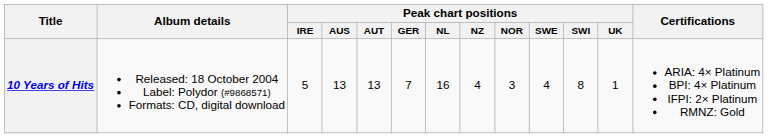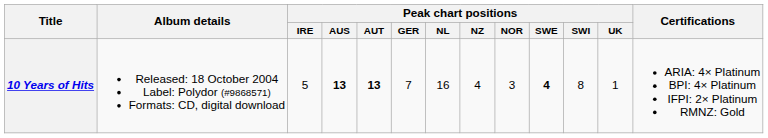 <table class="wikitable plainrowheaders" style=text-align:center;>
 <tr>
 <th scope="col" rowspan="2">Title</th>
 <th scope="col" rowspan="2">Album details</th>
 <th scope="col" colspan="10">Peak chart positions</th>
 <th scope="col" rowspan="2">Certifications</th>
 </tr>
 <tr>
 <th style="width:3em;font-size:85%">IRE<br></th>
 <th style="width:3em;font-size:85%">AUS<br></th>
 <th style="width:3em;font-size:85%">AUT<br></th>
 <th style="width:3em;font-size:85%">GER<br></th>
 <th style="width:3em;font-size:85%">NL<br></th>
 <th style="width:3em;font-size:85%">NZ<br></th>
 <th style="width:3em;font-size:85%">NOR<br></th>
 <th style="width:3em;font-size:85%">SWE<br></th>
 <th style="width:3em;font-size:85%">SWI<br></th>
 <th style="width:3em;font-size:85%">UK<br></th>
 </tr>
 <tr>
 <th scope="row"><em><a href='#'>10 Years of Hits</a></em></th>
 <td><br><ul><li>Released: 18 October 2004</li><li>Label: Polydor <small>(#9868571)</small></li><li>Formats: CD, digital download</li></ul></td>
 <td>5</td>
-<td>13</td>
-<td>13</td>
+<td><strong>13</strong></td>
+<td><strong>13</strong></td>
 <td>7</td>
 <td>16</td>
 <td>4</td>
 <td>3</td>
-<td>4</td>
+<td><strong>4</strong></td>
 <td>8</td>
 <td>1</td>
 <td><br><ul><li>ARIA: 4× Platinum</li><li>BPI: 4× Platinum</li><li>IFPI: 2× Platinum</li><li>RMNZ: Gold</li></ul></td>
 </tr>
 </table>
